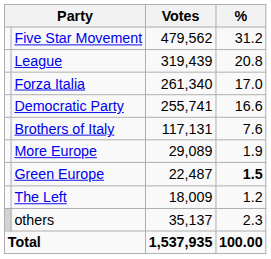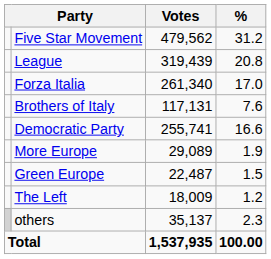 <table class="wikitable" style="font-size:95%">
 <tr>
 <th colspan=2>Party</th>
 <th>Votes</th>
 <th>%</th>
 </tr>
 <tr>
 <td></td>
 <td><a href='#'>Five Star Movement</a></td>
 <td align=right>479,562</td>
 <td align=right>31.2</td>
 </tr>
 <tr>
 <td></td>
 <td><a href='#'>League</a></td>
 <td align=right>319,439</td>
 <td align=right>20.8</td>
 </tr>
 <tr>
 <td></td>
 <td><a href='#'>Forza Italia</a></td>
 <td align=right>261,340</td>
 <td align=right>17.0</td>
 </tr>
 <tr>
 <td></td>
+<td><a href='#'>Brothers of Italy</a></td>
+<td align=right>117,131</td>
+<td align=right>7.6</td>
+</tr>
+<tr>
+<td></td>
 <td><a href='#'>Democratic Party</a></td>
 <td align=right>255,741</td>
 <td align=right>16.6</td>
-</tr>
-<tr>
-<td></td>
-<td><a href='#'>Brothers of Italy</a></td>
-<td align=right>117,131</td>
-<td align=right>7.6</td>
 </tr>
 <tr>
 <td></td>
 <td><a href='#'>More Europe</a></td>
 <td align=right>29,089</td>
 <td align=right>1.9</td>
 </tr>
 <tr>
 <td></td>
 <td><a href='#'>Green Europe</a></td>
 <td align=right>22,487</td>
-<td align=right><strong>1.5</strong></td>
+<td align=right>1.5</td>
 </tr>
 <tr>
 <td></td>
 <td><a href='#'>The Left</a></td>
 <td align=right>18,009</td>
 <td align=right>1.2</td>
 </tr>
 <tr>
 <td style="background-color: lightgrey"></td>
 <td>others</td>
 <td align=right>35,137</td>
 <td align=right>2.3</td>
 </tr>
 <tr>
 <td colspan=2><strong>Total</strong></td>
 <td align=right><strong>1,537,935</strong></td>
 <td align=right><strong>100.00</strong></td>
 </tr>
 </table>
